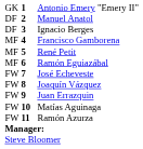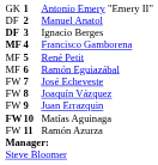 <table style="font-size:90%; margin:0.2em auto;" cellspacing="0" cellpadding="0">
 <tr>
 <th width="25"></th>
 <th width="25"></th>
 </tr>
 <tr>
 <td>GK</td>
 <td><strong>1</strong></td>
 <td> <a href='#'>Antonio Emery</a> "Emery II"</td>
 </tr>
 <tr>
 <td>DF</td>
 <td><strong>2</strong></td>
 <td> <a href='#'>Manuel Anatol</a></td>
 </tr>
 <tr>
-<td>DF</td>
+<td><strong>DF</strong></td>
 <td><strong>3</strong></td>
 <td> Ignacio Berges</td>
 </tr>
 <tr>
-<td>MF</td>
+<td><strong>MF</strong></td>
 <td><strong>4</strong></td>
 <td> <a href='#'>Francisco Gamborena</a></td>
 </tr>
 <tr>
 <td>MF</td>
 <td><strong>5</strong></td>
 <td> <a href='#'>René Petit</a></td>
 </tr>
 <tr>
 <td>MF</td>
 <td><strong>6</strong></td>
 <td> <a href='#'>Ramón Eguiazábal</a></td>
 </tr>
 <tr>
 <td>FW</td>
 <td><strong>7</strong></td>
 <td> <a href='#'>José Echeveste</a></td>
 </tr>
 <tr>
 <td>FW</td>
 <td><strong>8</strong></td>
 <td> <a href='#'>Joaquín Vázquez</a></td>
 </tr>
 <tr>
 <td>FW</td>
 <td><strong>9</strong></td>
 <td> <a href='#'>Juan Errazquin</a></td>
 </tr>
 <tr>
-<td>FW</td>
+<td><strong>FW</strong></td>
 <td><strong>10</strong></td>
 <td> Matías Aguinaga</td>
 </tr>
 <tr>
 <td>FW</td>
 <td><strong>11</strong></td>
 <td> Ramón Azurza</td>
 </tr>
 <tr>
 <td colspan=3><strong>Manager:</strong></td>
 </tr>
 <tr>
 <td colspan=4> <a href='#'>Steve Bloomer</a></td>
 </tr>
 </table>
